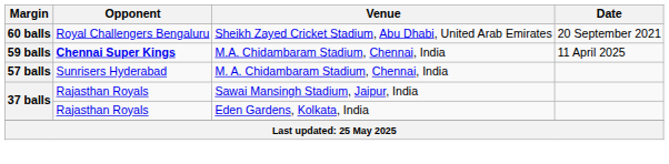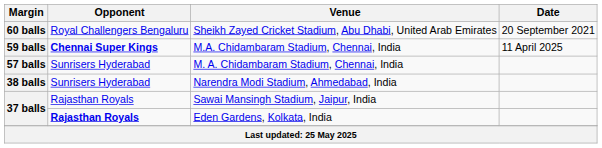 <table class="wikitable sortable" style="text-align:left;font-size:96%;">
 <tr>
 <th>Margin</th>
 <th>Opponent</th>
 <th>Venue</th>
 <th>Date</th>
 </tr>
 <tr>
 <th>60 balls</th>
 <td><a href='#'>Royal Challengers Bengaluru</a></td>
 <td><a href='#'>Sheikh Zayed Cricket Stadium</a>, <a href='#'>Abu Dhabi</a>, United Arab Emirates</td>
 <td>20 September 2021</td>
 </tr>
 <tr>
 <th>59 balls</th>
 <td><strong><a href='#'>Chennai Super Kings</a></strong></td>
 <td><a href='#'>M.A. Chidambaram Stadium</a>, <a href='#'>Chennai</a>, India</td>
 <td>11 April 2025</td>
 </tr>
 <tr>
 <th>57 balls</th>
 <td><a href='#'>Sunrisers Hyderabad</a></td>
 <td><a href='#'>M. A. Chidambaram Stadium</a>, <a href='#'>Chennai</a>, India</td>
 <td></td>
 </tr>
 <tr>
+<th>38 balls</th>
+<td><a href='#'>Sunrisers Hyderabad</a></td>
+<td><a href='#'>Narendra Modi Stadium</a>, <a href='#'>Ahmedabad</a>, India</td>
+<td></td>
+</tr>
+<tr>
 <th rowspan="2">37 balls</th>
 <td><a href='#'>Rajasthan Royals</a></td>
 <td><a href='#'>Sawai Mansingh Stadium</a>, <a href='#'>Jaipur</a>, India</td>
 <td></td>
 </tr>
 <tr>
-<td><a href='#'>Rajasthan Royals</a></td>
+<td><strong><a href='#'>Rajasthan Royals</a></strong></td>
 <td><a href='#'>Eden Gardens</a>, <a href='#'>Kolkata</a>, India</td>
 <td></td>
 </tr>
 <tr>
 </tr>
 <tr class="sortbottom">
 <th colspan="4"><small>Last updated: 25 May 2025</small></th>
 </tr>
 </table>
